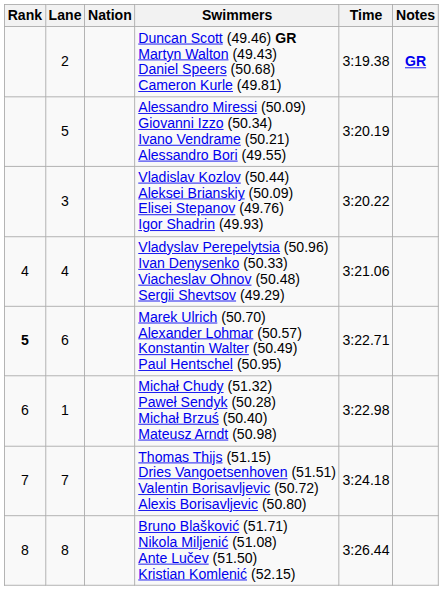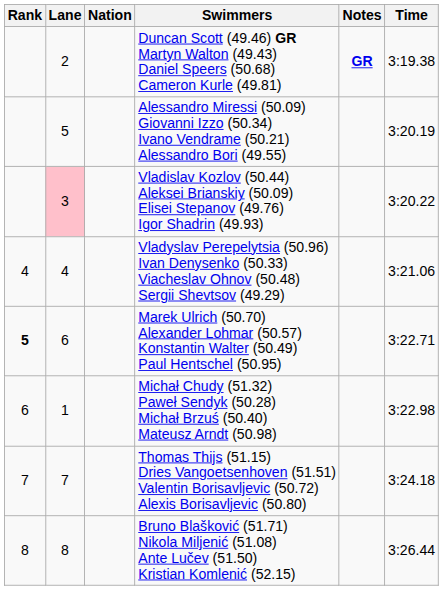 <table class="wikitable sortable" style="text-align:center">
 <tr>
 <th>Rank</th>
 <th>Lane</th>
 <th>Nation</th>
 <th>Swimmers</th>
+<th>Notes</th>
 <th>Time</th>
-<th>Notes</th>
 </tr>
 <tr>
 <td></td>
 <td>2</td>
 <td align=left></td>
 <td align=left><a href='#'>Duncan Scott</a> (49.46) <strong>GR</strong><br><a href='#'>Martyn Walton</a> (49.43)<br><a href='#'>Daniel Speers</a> (50.68)<br><a href='#'>Cameron Kurle</a> (49.81)</td>
+<td><a href='#'><strong>GR</strong></a></td>
 <td>3:19.38</td>
-<td><a href='#'><strong>GR</strong></a></td>
 </tr>
 <tr>
 <td></td>
 <td>5</td>
 <td align=left></td>
 <td align=left><a href='#'>Alessandro Miressi</a> (50.09)<br><a href='#'>Giovanni Izzo</a> (50.34)<br><a href='#'>Ivano Vendrame</a> (50.21)<br><a href='#'>Alessandro Bori</a> (49.55)</td>
+<td></td>
 <td>3:20.19</td>
-<td></td>
 </tr>
 <tr>
 <td></td>
-<td>3</td>
+<td style="background: pink;">3</td>
 <td align=left></td>
 <td align=left><a href='#'>Vladislav Kozlov</a> (50.44)<br><a href='#'>Aleksei Brianskiy</a> (50.09)<br><a href='#'>Elisei Stepanov</a> (49.76)<br><a href='#'>Igor Shadrin</a> (49.93)</td>
+<td></td>
 <td>3:20.22</td>
-<td></td>
 </tr>
 <tr>
 <td>4</td>
 <td>4</td>
 <td align=left></td>
 <td align=left><a href='#'>Vladyslav Perepelytsia</a> (50.96)<br><a href='#'>Ivan Denysenko</a> (50.33)<br><a href='#'>Viacheslav Ohnov</a> (50.48)<br><a href='#'>Sergii Shevtsov</a> (49.29)</td>
+<td></td>
 <td>3:21.06</td>
-<td></td>
 </tr>
 <tr>
 <td><strong>5</strong></td>
 <td>6</td>
 <td align=left></td>
 <td align=left><a href='#'>Marek Ulrich</a> (50.70)<br><a href='#'>Alexander Lohmar</a> (50.57)<br><a href='#'>Konstantin Walter</a> (50.49)<br><a href='#'>Paul Hentschel</a> (50.95)</td>
+<td></td>
 <td>3:22.71</td>
-<td></td>
 </tr>
 <tr>
 <td>6</td>
 <td>1</td>
 <td align=left></td>
 <td align=left><a href='#'>Michał Chudy</a> (51.32)<br><a href='#'>Paweł Sendyk</a> (50.28)<br><a href='#'>Michał Brzuś</a> (50.40)<br><a href='#'>Mateusz Arndt</a> (50.98)</td>
+<td></td>
 <td>3:22.98</td>
-<td></td>
 </tr>
 <tr>
 <td>7</td>
 <td>7</td>
 <td align=left></td>
 <td align=left><a href='#'>Thomas Thijs</a> (51.15)<br><a href='#'>Dries Vangoetsenhoven</a> (51.51)<br><a href='#'>Valentin Borisavljevic</a> (50.72)<br><a href='#'>Alexis Borisavljevic</a> (50.80)</td>
+<td></td>
 <td>3:24.18</td>
-<td></td>
 </tr>
 <tr>
 <td>8</td>
 <td>8</td>
 <td align=left></td>
 <td align=left><a href='#'>Bruno Blašković</a> (51.71)<br><a href='#'>Nikola Miljenić</a> (51.08)<br><a href='#'>Ante Lučev</a> (51.50)<br><a href='#'>Kristian Komlenić</a> (52.15)</td>
+<td></td>
 <td>3:26.44</td>
-<td></td>
 </tr>
 </table>
